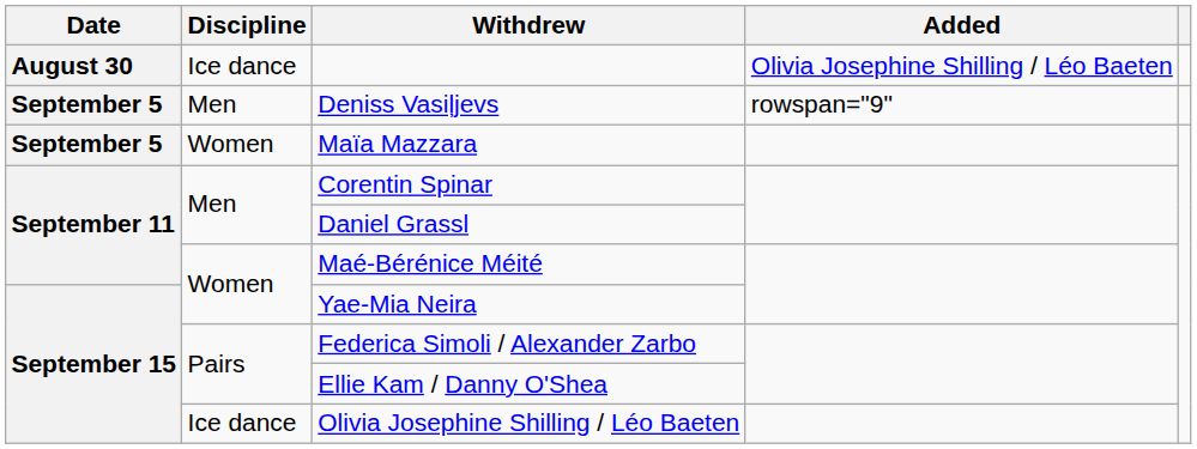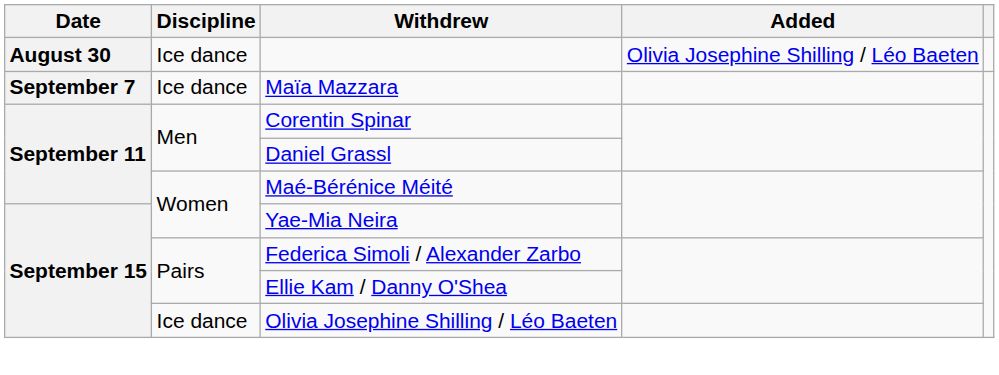 <table class="wikitable unsortable">
 <tr>
 <th scope="col">Date</th>
 <th scope="col">Discipline</th>
 <th scope="col">Withdrew</th>
 <th scope="col">Added</th>
 <th scope="col"></th>
 </tr>
 <tr>
 <th scope="row" style="text-align:left">August 30</th>
 <td>Ice dance</td>
 <td></td>
 <td> <a href='#'>Olivia Josephine Shilling</a> / <a href='#'>Léo Baeten</a></td>
 <td></td>
 </tr>
 <tr>
-<th scope="row" style="text-align:left">September 5</th>
-<td>Men</td>
-<td> <a href='#'>Deniss Vasiļjevs</a></td>
-<td>rowspan="9" </td>
-<td></td>
-</tr>
-<tr>
-<th scope="row" style="text-align:left">September 5</th>
-<td>Women</td>
+<th scope="row" style="text-align:left">September 7</th>
+<td>Ice dance</td>
 <td> <a href='#'>Maïa Mazzara</a></td>
 <td></td>
 </tr>
 <tr>
 <th scope="row" style="text-align:left" rowspan=3>September 11</th>
 <td rowspan=2>Men</td>
 <td> <a href='#'>Corentin Spinar</a></td>
 <td rowspan=2></td>
 </tr>
 <tr>
 <td> <a href='#'>Daniel Grassl</a></td>
 </tr>
 <tr>
 <td rowspan=2>Women</td>
 <td> <a href='#'>Maé-Bérénice Méité</a></td>
 <td rowspan=2></td>
 </tr>
 <tr>
 <th scope="row" style="text-align:left" rowspan=4>September 15</th>
 <td> <a href='#'>Yae-Mia Neira</a></td>
 </tr>
 <tr>
 <td rowspan=2>Pairs</td>
 <td> <a href='#'>Federica Simoli</a> / <a href='#'>Alexander Zarbo</a></td>
 <td rowspan=2></td>
 </tr>
 <tr>
 <td> <a href='#'>Ellie Kam</a> / <a href='#'>Danny O'Shea</a></td>
 </tr>
 <tr>
 <td>Ice dance</td>
 <td> <a href='#'>Olivia Josephine Shilling</a> / <a href='#'>Léo Baeten</a></td>
 <td></td>
 </tr>
 </table>
